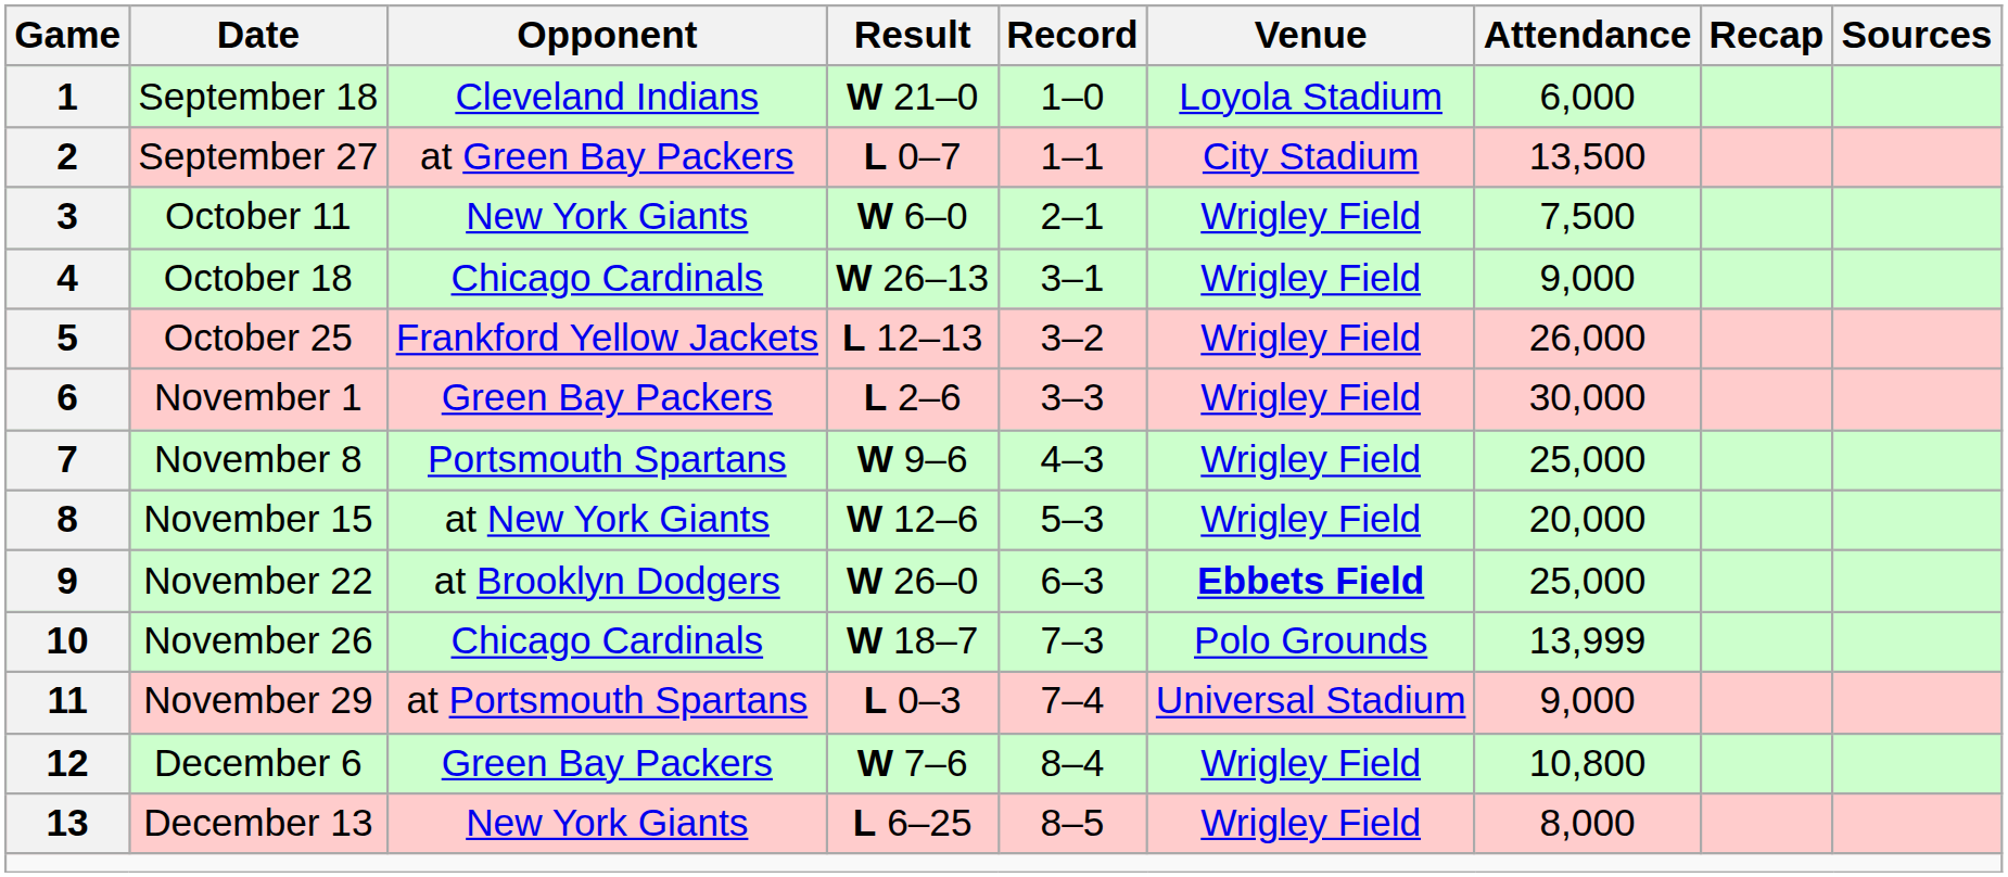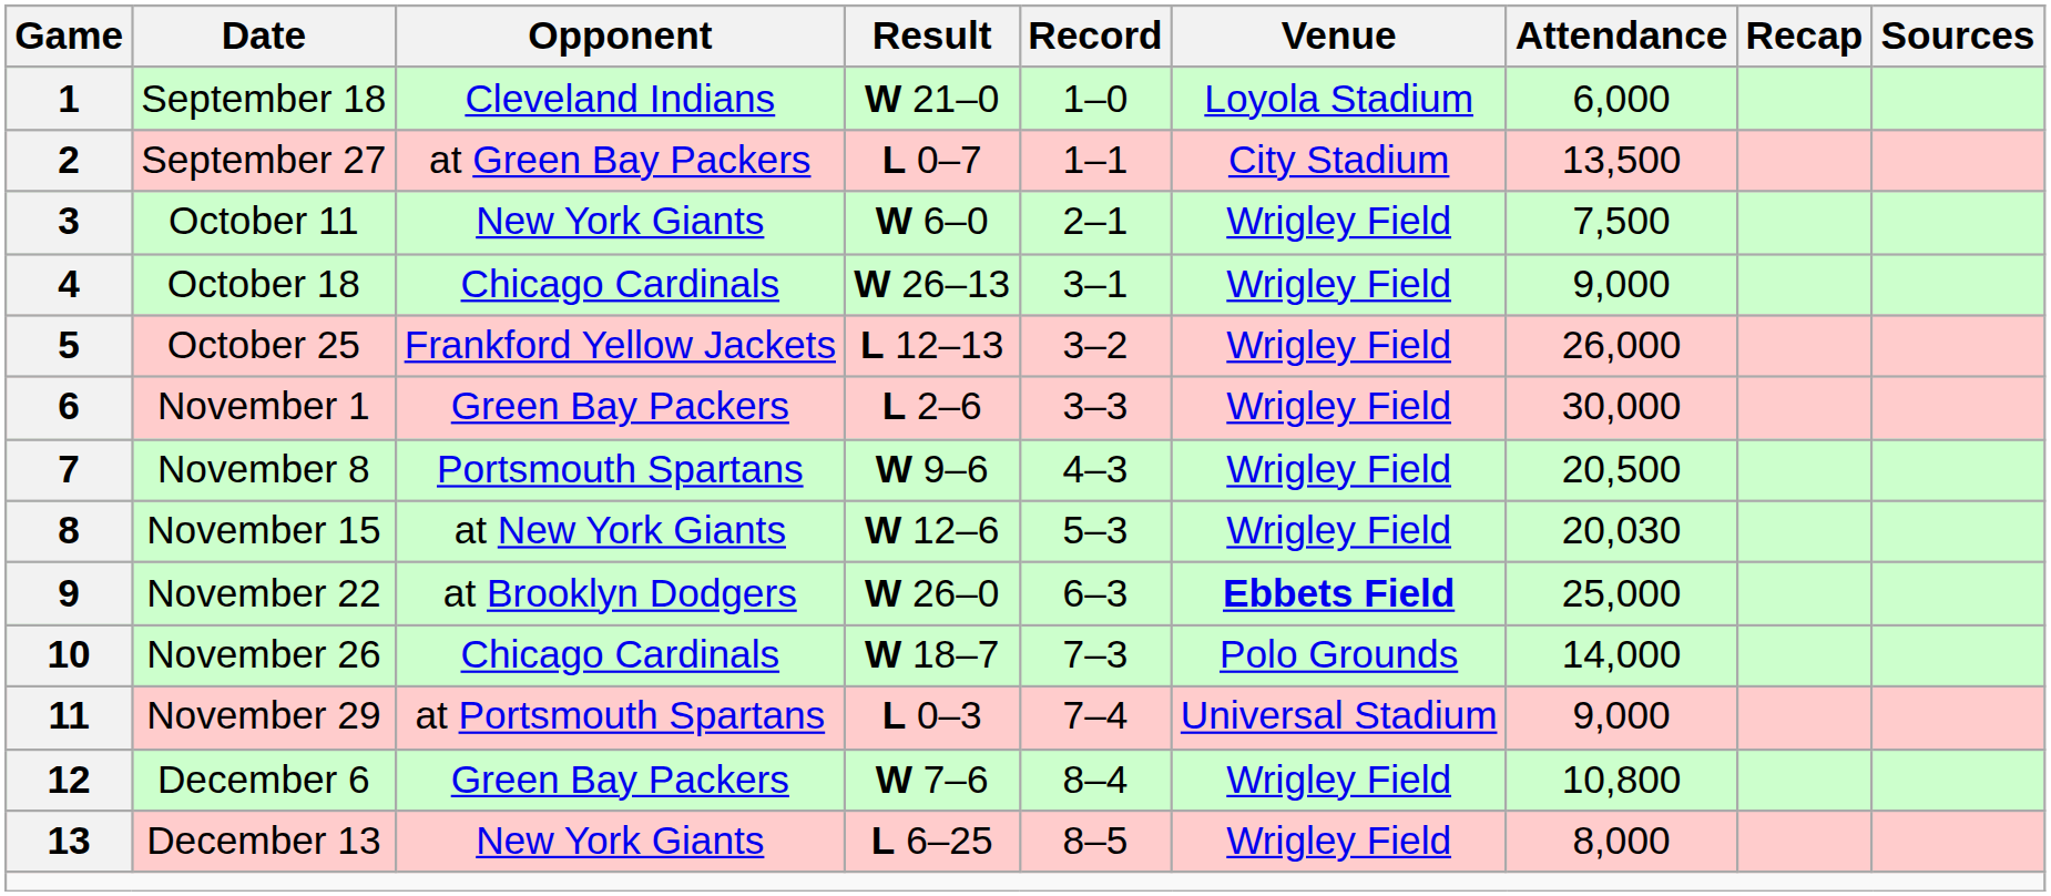 <table class="wikitable" style="text-align:center">
 <tr>
 <th>Game</th>
 <th>Date</th>
 <th>Opponent</th>
 <th>Result</th>
 <th>Record</th>
 <th>Venue</th>
 <th>Attendance</th>
 <th>Recap</th>
 <th>Sources</th>
 </tr>
 <tr style="background:#cfc">
 <th>1</th>
 <td>September 18</td>
 <td><a href='#'>Cleveland Indians</a></td>
 <td><strong>W</strong> 21–0</td>
 <td>1–0</td>
 <td><a href='#'>Loyola Stadium</a></td>
 <td>6,000</td>
 <td></td>
 <td></td>
 </tr>
 <tr style="background:#fcc">
 <th>2</th>
 <td>September 27</td>
 <td>at <a href='#'>Green Bay Packers</a></td>
 <td><strong>L</strong> 0–7</td>
 <td>1–1</td>
 <td><a href='#'>City Stadium</a></td>
 <td>13,500</td>
 <td></td>
 <td></td>
 </tr>
 <tr style="background:#cfc">
 <th>3</th>
 <td>October 11</td>
 <td><a href='#'>New York Giants</a></td>
 <td><strong>W</strong> 6–0</td>
 <td>2–1</td>
 <td><a href='#'>Wrigley Field</a></td>
 <td>7,500</td>
 <td></td>
 <td></td>
 </tr>
 <tr style="background:#cfc">
 <th>4</th>
 <td>October 18</td>
 <td><a href='#'>Chicago Cardinals</a></td>
 <td><strong>W</strong> 26–13</td>
 <td>3–1</td>
 <td><a href='#'>Wrigley Field</a></td>
 <td>9,000</td>
 <td></td>
 <td></td>
 </tr>
 <tr style="background:#fcc">
 <th>5</th>
 <td>October 25</td>
 <td><a href='#'>Frankford Yellow Jackets</a></td>
 <td><strong>L</strong> 12–13</td>
 <td>3–2</td>
 <td><a href='#'>Wrigley Field</a></td>
 <td>26,000</td>
 <td></td>
 <td></td>
 </tr>
 <tr style="background:#fcc">
 <th>6</th>
 <td>November 1</td>
 <td><a href='#'>Green Bay Packers</a></td>
 <td><strong>L</strong> 2–6</td>
 <td>3–3</td>
 <td><a href='#'>Wrigley Field</a></td>
 <td>30,000</td>
 <td></td>
 <td></td>
 </tr>
 <tr style="background:#cfc">
 <th>7</th>
 <td>November 8</td>
 <td><a href='#'>Portsmouth Spartans</a></td>
 <td><strong>W</strong> 9–6</td>
 <td>4–3</td>
 <td><a href='#'>Wrigley Field</a></td>
-<td>25,000</td>
+<td>20,500</td>
 <td></td>
 <td></td>
 </tr>
 <tr style="background:#cfc">
 <th>8</th>
 <td>November 15</td>
 <td>at <a href='#'>New York Giants</a></td>
 <td><strong>W</strong> 12–6</td>
 <td>5–3</td>
 <td><a href='#'>Wrigley Field</a></td>
-<td>20,000</td>
+<td>20,030</td>
 <td></td>
 <td></td>
 </tr>
 <tr style="background:#cfc">
 <th>9</th>
 <td>November 22</td>
 <td>at <a href='#'>Brooklyn Dodgers</a></td>
 <td><strong>W</strong> 26–0</td>
 <td>6–3</td>
 <td><strong><a href='#'>Ebbets Field</a></strong></td>
 <td>25,000</td>
 <td></td>
 <td></td>
 </tr>
 <tr style="background:#cfc">
 <th>10</th>
 <td>November 26</td>
 <td><a href='#'>Chicago Cardinals</a></td>
 <td><strong>W</strong> 18–7</td>
 <td>7–3</td>
 <td><a href='#'>Polo Grounds</a></td>
-<td>13,999</td>
+<td>14,000</td>
 <td></td>
 <td></td>
 </tr>
 <tr style="background:#fcc">
 <th>11</th>
 <td>November  29</td>
 <td>at <a href='#'>Portsmouth Spartans</a></td>
 <td><strong>L</strong> 0–3</td>
 <td>7–4</td>
 <td><a href='#'>Universal Stadium</a></td>
 <td>9,000</td>
 <td></td>
 <td></td>
 </tr>
 <tr style="background:#cfc">
 <th>12</th>
 <td>December 6</td>
 <td><a href='#'>Green Bay Packers</a></td>
 <td><strong>W</strong> 7–6</td>
 <td>8–4</td>
 <td><a href='#'>Wrigley Field</a></td>
 <td>10,800</td>
 <td></td>
 <td></td>
 </tr>
 <tr style="background:#fcc">
 <th>13</th>
 <td>December 13</td>
 <td><a href='#'>New York Giants</a></td>
 <td><strong>L</strong> 6–25</td>
 <td>8–5</td>
 <td><a href='#'>Wrigley Field</a></td>
 <td>8,000</td>
 <td></td>
 <td></td>
 </tr>
 <tr>
 <td colspan="10"></td>
 </tr>
 </table>
